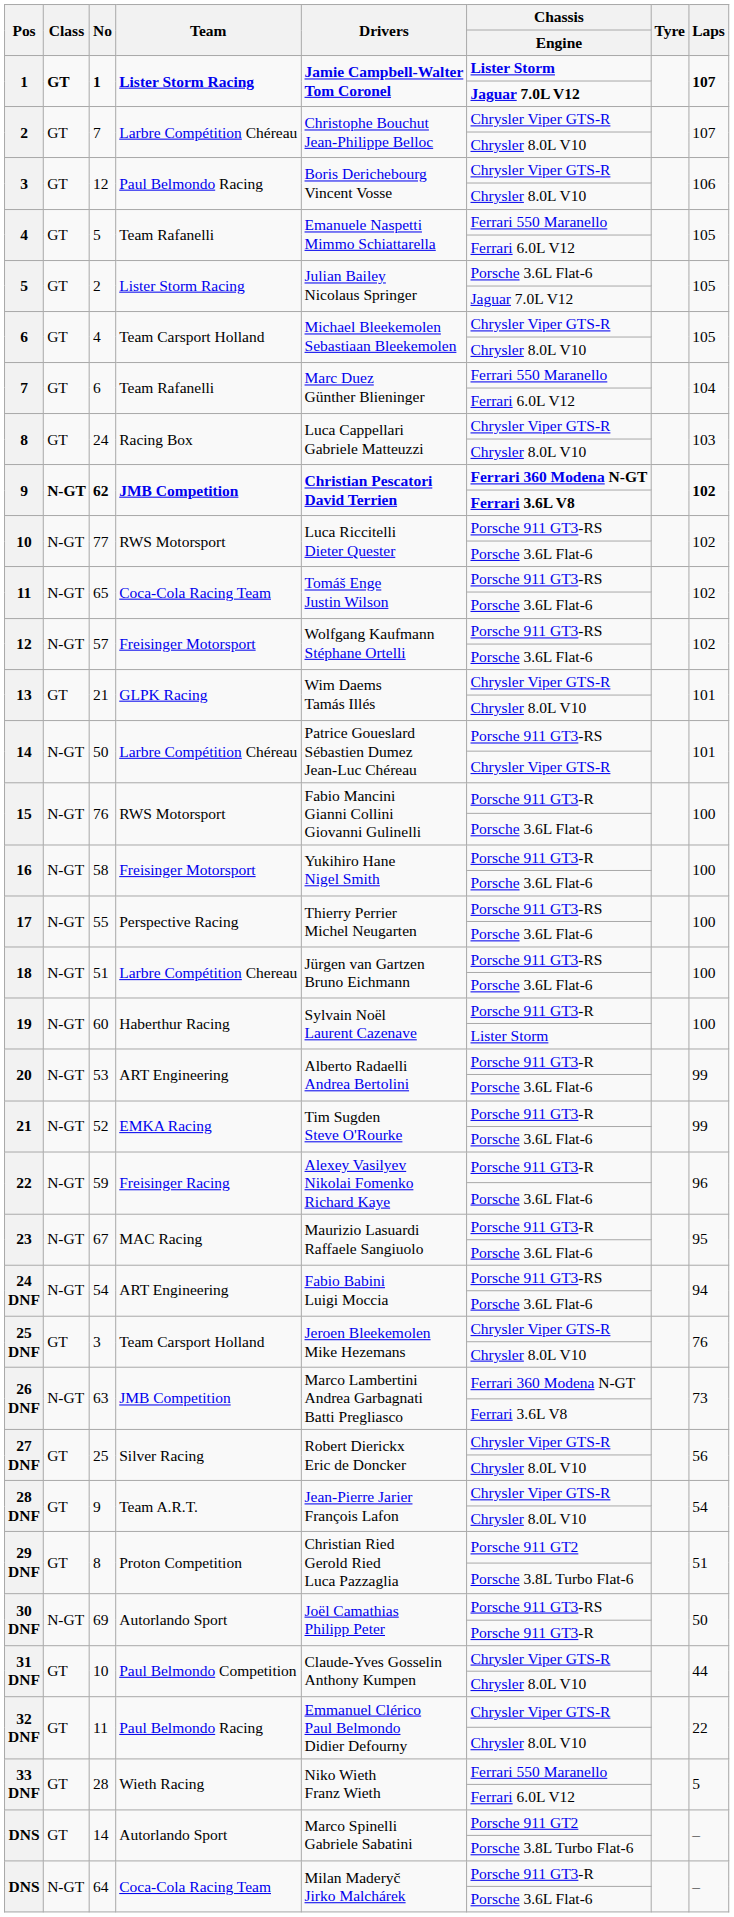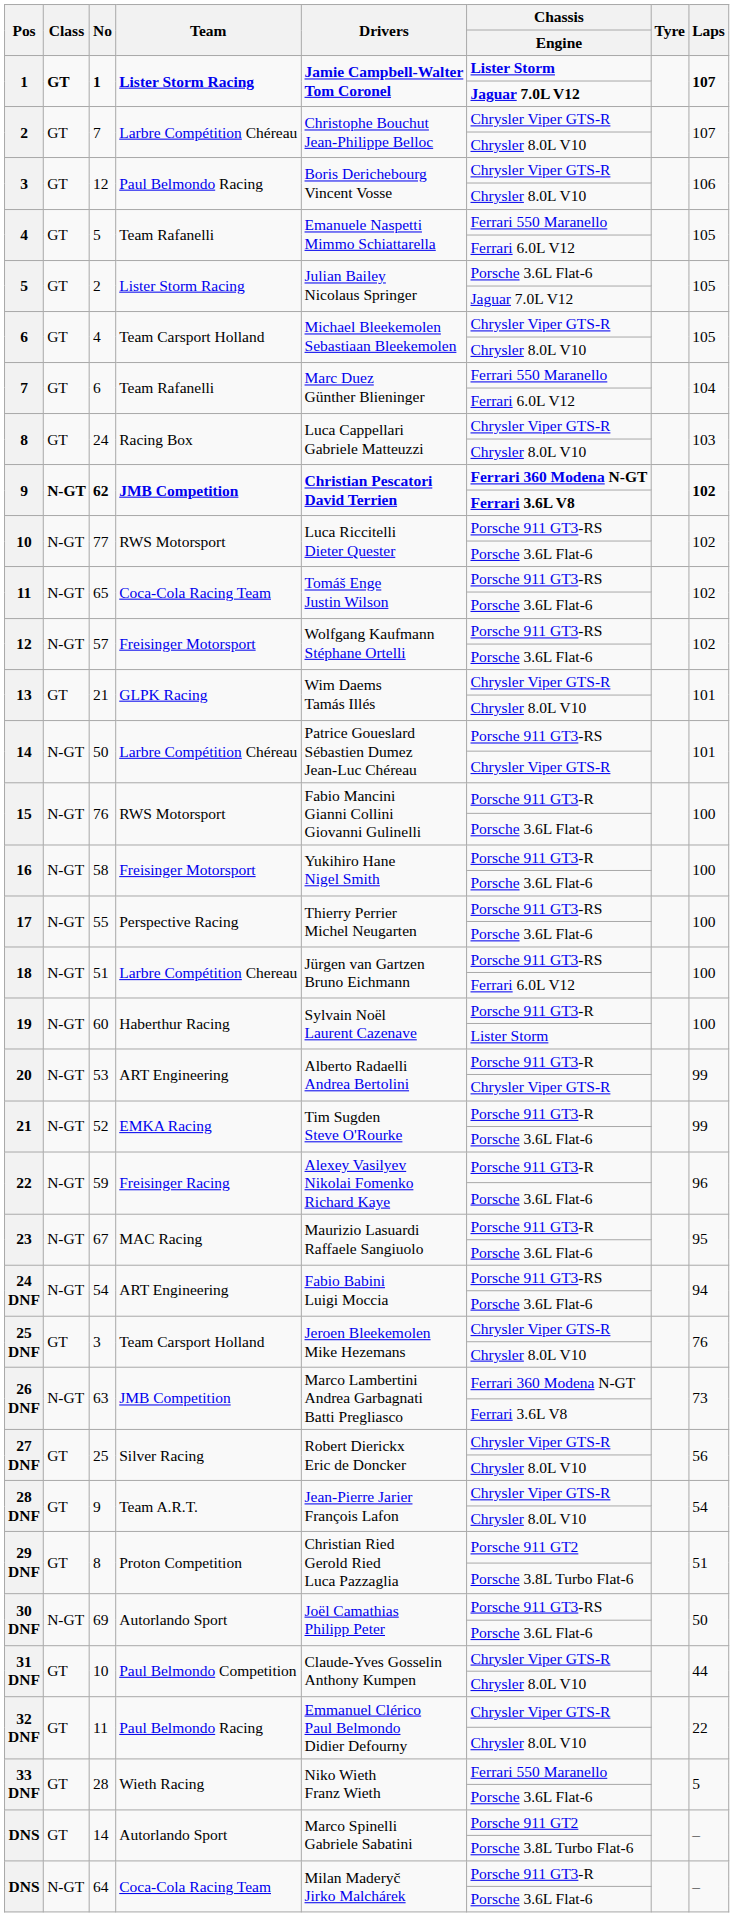 <table class="wikitable" style="font-size: 95%;">
 <tr>
 <th rowspan=2>Pos</th>
 <th rowspan=2>Class</th>
 <th rowspan=2>No</th>
 <th rowspan=2>Team</th>
 <th rowspan=2>Drivers</th>
 <th>Chassis</th>
 <th rowspan=2>Tyre</th>
 <th rowspan=2>Laps</th>
 </tr>
 <tr>
 <th>Engine</th>
 </tr>
 <tr style="font-weight:bold">
 <th rowspan=2>1</th>
 <td rowspan=2>GT</td>
 <td rowspan=2>1</td>
 <td rowspan=2> <a href='#'>Lister Storm Racing</a></td>
 <td rowspan=2> <a href='#'>Jamie Campbell-Walter</a><br> <a href='#'>Tom Coronel</a></td>
 <td><a href='#'>Lister Storm</a></td>
 <td rowspan=2></td>
 <td rowspan=2>107</td>
 </tr>
 <tr style="font-weight:bold">
 <td><a href='#'>Jaguar</a> 7.0L V12</td>
 </tr>
 <tr>
 <th rowspan=2>2</th>
 <td rowspan=2>GT</td>
 <td rowspan=2>7</td>
 <td rowspan=2> <a href='#'>Larbre Compétition</a> Chéreau</td>
 <td rowspan=2> <a href='#'>Christophe Bouchut</a><br> <a href='#'>Jean-Philippe Belloc</a></td>
 <td><a href='#'>Chrysler Viper GTS-R</a></td>
 <td rowspan=2></td>
 <td rowspan=2>107</td>
 </tr>
 <tr>
 <td><a href='#'>Chrysler</a> 8.0L V10</td>
 </tr>
 <tr>
 <th rowspan=2>3</th>
 <td rowspan=2>GT</td>
 <td rowspan=2>12</td>
 <td rowspan=2> <a href='#'>Paul Belmondo</a> Racing</td>
 <td rowspan=2> <a href='#'>Boris Derichebourg</a><br> Vincent Vosse</td>
 <td><a href='#'>Chrysler Viper GTS-R</a></td>
 <td rowspan=2></td>
 <td rowspan=2>106</td>
 </tr>
 <tr>
 <td><a href='#'>Chrysler</a> 8.0L V10</td>
 </tr>
 <tr>
 <th rowspan=2>4</th>
 <td rowspan=2>GT</td>
 <td rowspan=2>5</td>
 <td rowspan=2> Team Rafanelli</td>
 <td rowspan=2> <a href='#'>Emanuele Naspetti</a><br> <a href='#'>Mimmo Schiattarella</a></td>
 <td><a href='#'>Ferrari 550 Maranello</a></td>
 <td rowspan=2></td>
 <td rowspan=2>105</td>
 </tr>
 <tr>
 <td><a href='#'>Ferrari</a> 6.0L V12</td>
 </tr>
 <tr>
 <th rowspan=2>5</th>
 <td rowspan=2>GT</td>
 <td rowspan=2>2</td>
 <td rowspan=2> <a href='#'>Lister Storm Racing</a></td>
 <td rowspan=2> <a href='#'>Julian Bailey</a><br> Nicolaus Springer</td>
 <td><a href='#'>Porsche</a> 3.6L Flat-6</td>
 <td rowspan=2></td>
 <td rowspan=2>105</td>
 </tr>
 <tr>
 <td><a href='#'>Jaguar</a> 7.0L V12</td>
 </tr>
 <tr>
 <th rowspan=2>6</th>
 <td rowspan=2>GT</td>
 <td rowspan=2>4</td>
 <td rowspan=2> Team Carsport Holland</td>
 <td rowspan=2> <a href='#'>Michael Bleekemolen</a><br> <a href='#'>Sebastiaan Bleekemolen</a></td>
 <td><a href='#'>Chrysler Viper GTS-R</a></td>
 <td rowspan=2></td>
 <td rowspan=2>105</td>
 </tr>
 <tr>
 <td><a href='#'>Chrysler</a> 8.0L V10</td>
 </tr>
 <tr>
 <th rowspan=2>7</th>
 <td rowspan=2>GT</td>
 <td rowspan=2>6</td>
 <td rowspan=2> Team Rafanelli</td>
 <td rowspan=2> <a href='#'>Marc Duez</a><br> Günther Blieninger</td>
 <td><a href='#'>Ferrari 550 Maranello</a></td>
 <td rowspan=2></td>
 <td rowspan=2>104</td>
 </tr>
 <tr>
 <td><a href='#'>Ferrari</a> 6.0L V12</td>
 </tr>
 <tr>
 <th rowspan=2>8</th>
 <td rowspan=2>GT</td>
 <td rowspan=2>24</td>
 <td rowspan=2> Racing Box</td>
 <td rowspan=2> Luca Cappellari<br> Gabriele Matteuzzi</td>
 <td><a href='#'>Chrysler Viper GTS-R</a></td>
 <td rowspan=2></td>
 <td rowspan=2>103</td>
 </tr>
 <tr>
 <td><a href='#'>Chrysler</a> 8.0L V10</td>
 </tr>
 <tr style="font-weight:bold">
 <th rowspan=2>9</th>
 <td rowspan=2>N-GT</td>
 <td rowspan=2>62</td>
 <td rowspan=2> <a href='#'>JMB Competition</a></td>
 <td rowspan=2> <a href='#'>Christian Pescatori</a><br> <a href='#'>David Terrien</a></td>
 <td><a href='#'>Ferrari 360 Modena</a> N-GT</td>
 <td rowspan=2></td>
 <td rowspan=2>102</td>
 </tr>
 <tr style="font-weight:bold">
 <td><a href='#'>Ferrari</a> 3.6L V8</td>
 </tr>
 <tr>
 <th rowspan=2>10</th>
 <td rowspan=2>N-GT</td>
 <td rowspan=2>77</td>
 <td rowspan=2> RWS Motorsport</td>
 <td rowspan=2> Luca Riccitelli<br> <a href='#'>Dieter Quester</a></td>
 <td><a href='#'>Porsche 911 GT3</a>-RS</td>
 <td rowspan=2></td>
 <td rowspan=2>102</td>
 </tr>
 <tr>
 <td><a href='#'>Porsche</a> 3.6L Flat-6</td>
 </tr>
 <tr>
 <th rowspan=2>11</th>
 <td rowspan=2>N-GT</td>
 <td rowspan=2>65</td>
 <td rowspan=2> <a href='#'>Coca-Cola Racing Team</a></td>
 <td rowspan=2> <a href='#'>Tomáš Enge</a><br> <a href='#'>Justin Wilson</a></td>
 <td><a href='#'>Porsche 911 GT3</a>-RS</td>
 <td rowspan=2></td>
 <td rowspan=2>102</td>
 </tr>
 <tr>
 <td><a href='#'>Porsche</a> 3.6L Flat-6</td>
 </tr>
 <tr>
 <th rowspan=2>12</th>
 <td rowspan=2>N-GT</td>
 <td rowspan=2>57</td>
 <td rowspan=2> <a href='#'>Freisinger Motorsport</a></td>
 <td rowspan=2> Wolfgang Kaufmann<br> <a href='#'>Stéphane Ortelli</a></td>
 <td><a href='#'>Porsche 911 GT3</a>-RS</td>
 <td rowspan=2></td>
 <td rowspan=2>102</td>
 </tr>
 <tr>
 <td><a href='#'>Porsche</a> 3.6L Flat-6</td>
 </tr>
 <tr>
 <th rowspan=2>13</th>
 <td rowspan=2>GT</td>
 <td rowspan=2>21</td>
 <td rowspan=2> <a href='#'>GLPK Racing</a></td>
 <td rowspan=2> Wim Daems<br> Tamás Illés</td>
 <td><a href='#'>Chrysler Viper GTS-R</a></td>
 <td rowspan=2></td>
 <td rowspan=2>101</td>
 </tr>
 <tr>
 <td><a href='#'>Chrysler</a> 8.0L V10</td>
 </tr>
 <tr>
 <th rowspan=2>14</th>
 <td rowspan=2>N-GT</td>
 <td rowspan=2>50</td>
 <td rowspan=2> <a href='#'>Larbre Compétition</a> Chéreau</td>
 <td rowspan=2> Patrice Goueslard<br> Sébastien Dumez<br> Jean-Luc Chéreau</td>
 <td><a href='#'>Porsche 911 GT3</a>-RS</td>
 <td rowspan=2></td>
 <td rowspan=2>101</td>
 </tr>
 <tr>
 <td><a href='#'>Chrysler Viper GTS-R</a></td>
 </tr>
 <tr>
 <th rowspan=2>15</th>
 <td rowspan=2>N-GT</td>
 <td rowspan=2>76</td>
 <td rowspan=2> RWS Motorsport</td>
 <td rowspan=2> Fabio Mancini<br> Gianni Collini<br> Giovanni Gulinelli</td>
 <td><a href='#'>Porsche 911 GT3</a>-R</td>
 <td rowspan=2></td>
 <td rowspan=2>100</td>
 </tr>
 <tr>
 <td><a href='#'>Porsche</a> 3.6L Flat-6</td>
 </tr>
 <tr>
 <th rowspan=2>16</th>
 <td rowspan=2>N-GT</td>
 <td rowspan=2>58</td>
 <td rowspan=2> <a href='#'>Freisinger Motorsport</a></td>
 <td rowspan=2> Yukihiro Hane<br> <a href='#'>Nigel Smith</a></td>
 <td><a href='#'>Porsche 911 GT3</a>-R</td>
 <td rowspan=2></td>
 <td rowspan=2>100</td>
 </tr>
 <tr>
 <td><a href='#'>Porsche</a> 3.6L Flat-6</td>
 </tr>
 <tr>
 <th rowspan=2>17</th>
 <td rowspan=2>N-GT</td>
 <td rowspan=2>55</td>
 <td rowspan=2> Perspective Racing</td>
 <td rowspan=2> Thierry Perrier<br> Michel Neugarten</td>
 <td><a href='#'>Porsche 911 GT3</a>-RS</td>
 <td rowspan=2></td>
 <td rowspan=2>100</td>
 </tr>
 <tr>
 <td><a href='#'>Porsche</a> 3.6L Flat-6</td>
 </tr>
 <tr>
 <th rowspan=2>18</th>
 <td rowspan=2>N-GT</td>
 <td rowspan=2>51</td>
 <td rowspan=2> <a href='#'>Larbre Compétition</a> Chereau</td>
 <td rowspan=2> Jürgen van Gartzen<br> Bruno Eichmann</td>
 <td><a href='#'>Porsche 911 GT3</a>-RS</td>
 <td rowspan=2></td>
 <td rowspan=2>100</td>
 </tr>
 <tr>
-<td><a href='#'>Porsche</a> 3.6L Flat-6</td>
+<td><a href='#'>Ferrari</a> 6.0L V12</td>
 </tr>
 <tr>
 <th rowspan=2>19</th>
 <td rowspan=2>N-GT</td>
 <td rowspan=2>60</td>
 <td rowspan=2> Haberthur Racing</td>
 <td rowspan=2> Sylvain Noël<br> <a href='#'>Laurent Cazenave</a></td>
 <td><a href='#'>Porsche 911 GT3</a>-R</td>
 <td rowspan=2></td>
 <td rowspan=2>100</td>
 </tr>
 <tr>
 <td><a href='#'>Lister Storm</a></td>
 </tr>
 <tr>
 <th rowspan=2>20</th>
 <td rowspan=2>N-GT</td>
 <td rowspan=2>53</td>
 <td rowspan=2> ART Engineering</td>
 <td rowspan=2> Alberto Radaelli<br> <a href='#'>Andrea Bertolini</a></td>
 <td><a href='#'>Porsche 911 GT3</a>-R</td>
 <td rowspan=2></td>
 <td rowspan=2>99</td>
 </tr>
 <tr>
-<td><a href='#'>Porsche</a> 3.6L Flat-6</td>
+<td><a href='#'>Chrysler Viper GTS-R</a></td>
 </tr>
 <tr>
 <th rowspan=2>21</th>
 <td rowspan=2>N-GT</td>
 <td rowspan=2>52</td>
 <td rowspan=2> <a href='#'>EMKA Racing</a></td>
 <td rowspan=2> Tim Sugden<br> <a href='#'>Steve O'Rourke</a></td>
 <td><a href='#'>Porsche 911 GT3</a>-R</td>
 <td rowspan=2></td>
 <td rowspan=2>99</td>
 </tr>
 <tr>
 <td><a href='#'>Porsche</a> 3.6L Flat-6</td>
 </tr>
 <tr>
 <th rowspan=2>22</th>
 <td rowspan=2>N-GT</td>
 <td rowspan=2>59</td>
 <td rowspan=2> <a href='#'>Freisinger Racing</a></td>
 <td rowspan=2> <a href='#'>Alexey Vasilyev</a><br> <a href='#'>Nikolai Fomenko</a><br> <a href='#'>Richard Kaye</a></td>
 <td><a href='#'>Porsche 911 GT3</a>-R</td>
 <td rowspan=2></td>
 <td rowspan=2>96</td>
 </tr>
 <tr>
 <td><a href='#'>Porsche</a> 3.6L Flat-6</td>
 </tr>
 <tr>
 <th rowspan=2>23</th>
 <td rowspan=2>N-GT</td>
 <td rowspan=2>67</td>
 <td rowspan=2> MAC Racing</td>
 <td rowspan=2> Maurizio Lasuardi<br> Raffaele Sangiuolo</td>
 <td><a href='#'>Porsche 911 GT3</a>-R</td>
 <td rowspan=2></td>
 <td rowspan=2>95</td>
 </tr>
 <tr>
 <td><a href='#'>Porsche</a> 3.6L Flat-6</td>
 </tr>
 <tr>
 <th rowspan=2>24<br>DNF</th>
 <td rowspan=2>N-GT</td>
 <td rowspan=2>54</td>
 <td rowspan=2> ART Engineering</td>
 <td rowspan=2> <a href='#'>Fabio Babini</a><br> Luigi Moccia</td>
 <td><a href='#'>Porsche 911 GT3</a>-RS</td>
 <td rowspan=2></td>
 <td rowspan=2>94</td>
 </tr>
 <tr>
 <td><a href='#'>Porsche</a> 3.6L Flat-6</td>
 </tr>
 <tr>
 <th rowspan=2>25<br>DNF</th>
 <td rowspan=2>GT</td>
 <td rowspan=2>3</td>
 <td rowspan=2> Team Carsport Holland</td>
 <td rowspan=2> <a href='#'>Jeroen Bleekemolen</a><br> Mike Hezemans</td>
 <td><a href='#'>Chrysler Viper GTS-R</a></td>
 <td rowspan=2></td>
 <td rowspan=2>76</td>
 </tr>
 <tr>
 <td><a href='#'>Chrysler</a> 8.0L V10</td>
 </tr>
 <tr>
 <th rowspan=2>26<br>DNF</th>
 <td rowspan=2>N-GT</td>
 <td rowspan=2>63</td>
 <td rowspan=2> <a href='#'>JMB Competition</a></td>
 <td rowspan=2> Marco Lambertini<br> Andrea Garbagnati<br> Batti Pregliasco</td>
 <td><a href='#'>Ferrari 360 Modena</a> N-GT</td>
 <td rowspan=2></td>
 <td rowspan=2>73</td>
 </tr>
 <tr>
 <td><a href='#'>Ferrari</a> 3.6L V8</td>
 </tr>
 <tr>
 <th rowspan=2>27<br>DNF</th>
 <td rowspan=2>GT</td>
 <td rowspan=2>25</td>
 <td rowspan=2> Silver Racing</td>
 <td rowspan=2> Robert Dierickx<br> Eric de Doncker</td>
 <td><a href='#'>Chrysler Viper GTS-R</a></td>
 <td rowspan=2></td>
 <td rowspan=2>56</td>
 </tr>
 <tr>
 <td><a href='#'>Chrysler</a> 8.0L V10</td>
 </tr>
 <tr>
 <th rowspan=2>28<br>DNF</th>
 <td rowspan=2>GT</td>
 <td rowspan=2>9</td>
 <td rowspan=2> Team A.R.T.</td>
 <td rowspan=2> <a href='#'>Jean-Pierre Jarier</a><br> François Lafon</td>
 <td><a href='#'>Chrysler Viper GTS-R</a></td>
 <td rowspan=2></td>
 <td rowspan=2>54</td>
 </tr>
 <tr>
 <td><a href='#'>Chrysler</a> 8.0L V10</td>
 </tr>
 <tr>
 <th rowspan=2>29<br>DNF</th>
 <td rowspan=2>GT</td>
 <td rowspan=2>8</td>
 <td rowspan=2> Proton Competition</td>
 <td rowspan=2> Christian Ried<br> Gerold Ried<br> Luca Pazzaglia</td>
 <td><a href='#'>Porsche 911 GT2</a></td>
 <td rowspan=2></td>
 <td rowspan=2>51</td>
 </tr>
 <tr>
 <td><a href='#'>Porsche</a> 3.8L Turbo Flat-6</td>
 </tr>
 <tr>
 <th rowspan=2>30<br>DNF</th>
 <td rowspan=2>N-GT</td>
 <td rowspan=2>69</td>
 <td rowspan=2> Autorlando Sport</td>
 <td rowspan=2> <a href='#'>Joël Camathias</a><br> <a href='#'>Philipp Peter</a></td>
 <td><a href='#'>Porsche 911 GT3</a>-RS</td>
 <td rowspan=2></td>
 <td rowspan=2>50</td>
 </tr>
 <tr>
-<td><a href='#'>Porsche 911 GT3</a>-R</td>
+<td><a href='#'>Porsche</a> 3.6L Flat-6</td>
 </tr>
 <tr>
 <th rowspan=2>31<br>DNF</th>
 <td rowspan=2>GT</td>
 <td rowspan=2>10</td>
 <td rowspan=2> <a href='#'>Paul Belmondo</a> Competition</td>
 <td rowspan=2> Claude-Yves Gosselin<br> Anthony Kumpen</td>
 <td><a href='#'>Chrysler Viper GTS-R</a></td>
 <td rowspan=2></td>
 <td rowspan=2>44</td>
 </tr>
 <tr>
 <td><a href='#'>Chrysler</a> 8.0L V10</td>
 </tr>
 <tr>
 <th rowspan=2>32<br>DNF</th>
 <td rowspan=2>GT</td>
 <td rowspan=2>11</td>
 <td rowspan=2> <a href='#'>Paul Belmondo</a> Racing</td>
 <td rowspan=2> <a href='#'>Emmanuel Clérico</a><br> <a href='#'>Paul Belmondo</a><br> Didier Defourny</td>
 <td><a href='#'>Chrysler Viper GTS-R</a></td>
 <td rowspan=2></td>
 <td rowspan=2>22</td>
 </tr>
 <tr>
 <td><a href='#'>Chrysler</a> 8.0L V10</td>
 </tr>
 <tr>
 <th rowspan=2>33<br>DNF</th>
 <td rowspan=2>GT</td>
 <td rowspan=2>28</td>
 <td rowspan=2> Wieth Racing</td>
 <td rowspan=2> Niko Wieth<br> Franz Wieth</td>
 <td><a href='#'>Ferrari 550 Maranello</a></td>
 <td rowspan=2></td>
 <td rowspan=2>5</td>
 </tr>
 <tr>
-<td><a href='#'>Ferrari</a> 6.0L V12</td>
+<td><a href='#'>Porsche</a> 3.6L Flat-6</td>
 </tr>
 <tr>
 <th rowspan=2>DNS</th>
 <td rowspan=2>GT</td>
 <td rowspan=2>14</td>
 <td rowspan=2> Autorlando Sport</td>
 <td rowspan=2> Marco Spinelli<br> Gabriele Sabatini</td>
 <td><a href='#'>Porsche 911 GT2</a></td>
 <td rowspan=2></td>
 <td rowspan=2>–</td>
 </tr>
 <tr>
 <td><a href='#'>Porsche</a> 3.8L Turbo Flat-6</td>
 </tr>
 <tr>
 <th rowspan=2>DNS</th>
 <td rowspan=2>N-GT</td>
 <td rowspan=2>64</td>
 <td rowspan=2> <a href='#'>Coca-Cola Racing Team</a></td>
 <td rowspan=2> Milan Maderyč<br> <a href='#'>Jirko Malchárek</a></td>
 <td><a href='#'>Porsche 911 GT3</a>-R</td>
 <td rowspan=2></td>
 <td rowspan=2>–</td>
 </tr>
 <tr>
 <td><a href='#'>Porsche</a> 3.6L Flat-6</td>
 </tr>
 </table>
